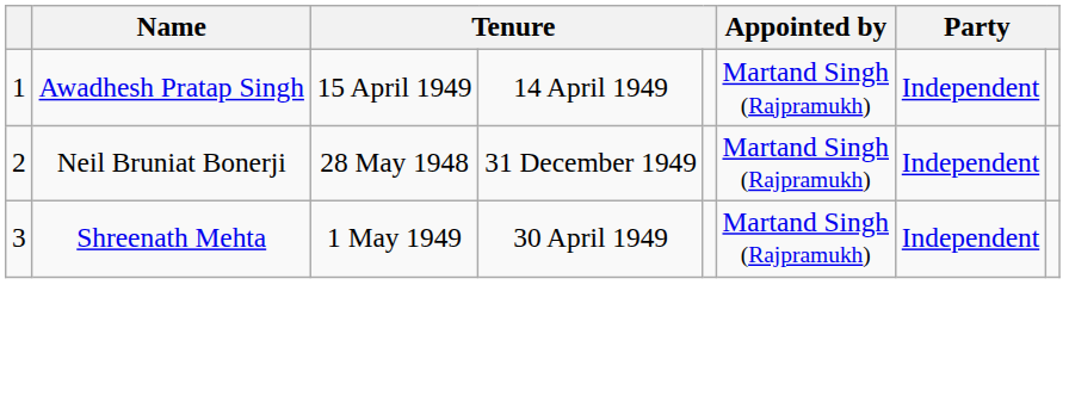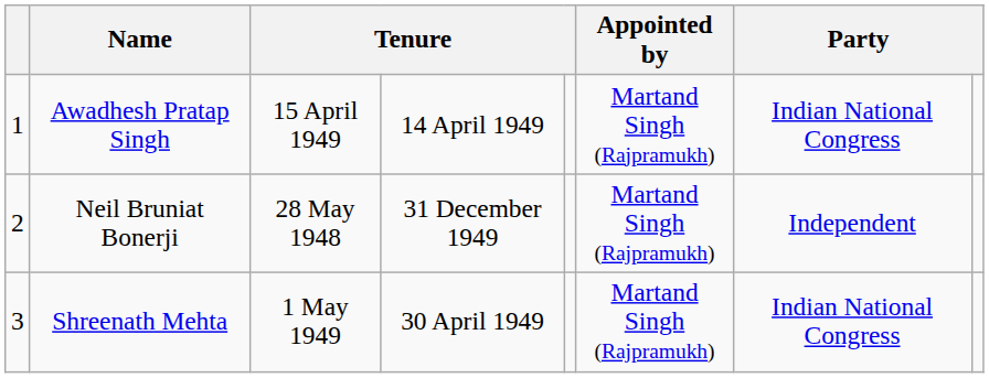 <table class="wikitable" style="text-align:center">
 <tr>
 <th scope="col"></th>
 <th scope="col">Name</th>
 <th colspan="3" scope="col">Tenure</th>
 <th>Appointed by</th>
 <th colspan="2">Party</th>
 </tr>
 <tr>
 <td scope="row">1</td>
 <td><a href='#'>Awadhesh Pratap Singh</a></td>
 <td>15 April 1949</td>
 <td>14 April 1949</td>
 <td></td>
 <td><a href='#'>Martand Singh</a><br><small>(<a href='#'>Rajpramukh</a>)</small></td>
-<td><a href='#'>Independent</a></td>
+<td><a href='#'>Indian National Congress</a></td>
 <td style="background-color:"></td>
 </tr>
 <tr>
 <td scope="row">2</td>
 <td>Neil Bruniat Bonerji</td>
 <td>28 May 1948</td>
 <td>31 December 1949</td>
 <td></td>
 <td><a href='#'>Martand Singh</a><br><small>(<a href='#'>Rajpramukh</a>)</small></td>
 <td><a href='#'>Independent</a></td>
 <td style="background-color:"></td>
 </tr>
 <tr>
 <td scope="row">3</td>
 <td><a href='#'>Shreenath Mehta</a></td>
 <td>1 May 1949</td>
 <td>30 April 1949</td>
 <td></td>
 <td><a href='#'>Martand Singh</a><br><small>(<a href='#'>Rajpramukh</a>)</small></td>
-<td><a href='#'>Independent</a></td>
+<td><a href='#'>Indian National Congress</a></td>
 <td style="background-color:"></td>
 </tr>
 </table>
